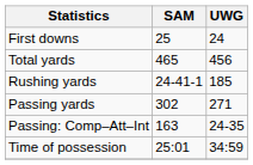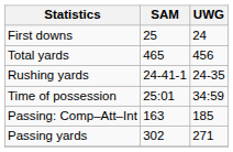 <table class="wikitable" style="float: left;">
 <tr>
 <th>Statistics</th>
 <th>SAM</th>
 <th>UWG</th>
 </tr>
 <tr>
 <td>First downs</td>
 <td>25</td>
 <td>24</td>
 </tr>
 <tr>
 <td>Total yards</td>
 <td>465</td>
 <td>456</td>
 </tr>
 <tr>
 <td>Rushing yards</td>
 <td>24-41-1</td>
+<td>24-35</td>
+</tr>
+<tr>
+<td>Time of possession</td>
+<td>25:01</td>
+<td>34:59</td>
+</tr>
+<tr>
+<td>Passing: Comp–Att–Int</td>
+<td>163</td>
 <td>185</td>
 </tr>
 <tr>
 <td>Passing yards</td>
 <td>302</td>
 <td>271</td>
 </tr>
 <tr>
-<td>Passing: Comp–Att–Int</td>
-<td>163</td>
-<td>24-35</td>
-</tr>
-<tr>
-<td>Time of possession</td>
-<td>25:01</td>
-<td>34:59</td>
-</tr>
-<tr>
 </tr>
 </table>
